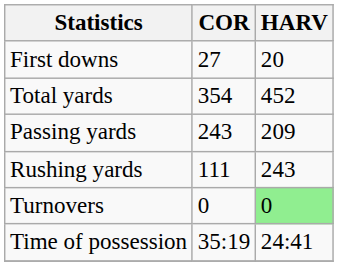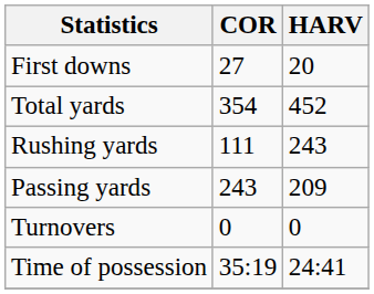 <table class="wikitable" style="float: left;">
 <tr>
 <th>Statistics</th>
 <th>COR</th>
 <th>HARV</th>
 </tr>
 <tr>
 <td>First downs</td>
 <td>27</td>
 <td>20</td>
 </tr>
 <tr>
 <td>Total yards</td>
 <td>354</td>
 <td>452</td>
 </tr>
 <tr>
+<td>Rushing yards</td>
+<td>111</td>
+<td>243</td>
+</tr>
+<tr>
 <td>Passing yards</td>
 <td>243</td>
 <td>209</td>
 </tr>
 <tr>
-<td>Rushing yards</td>
-<td>111</td>
-<td>243</td>
-</tr>
-<tr>
 <td>Turnovers</td>
 <td>0</td>
-<td style="background: lightgreen;">0</td>
+<td>0</td>
 </tr>
 <tr>
 <td>Time of possession</td>
 <td>35:19</td>
 <td>24:41</td>
 </tr>
 <tr>
 </tr>
 </table>
